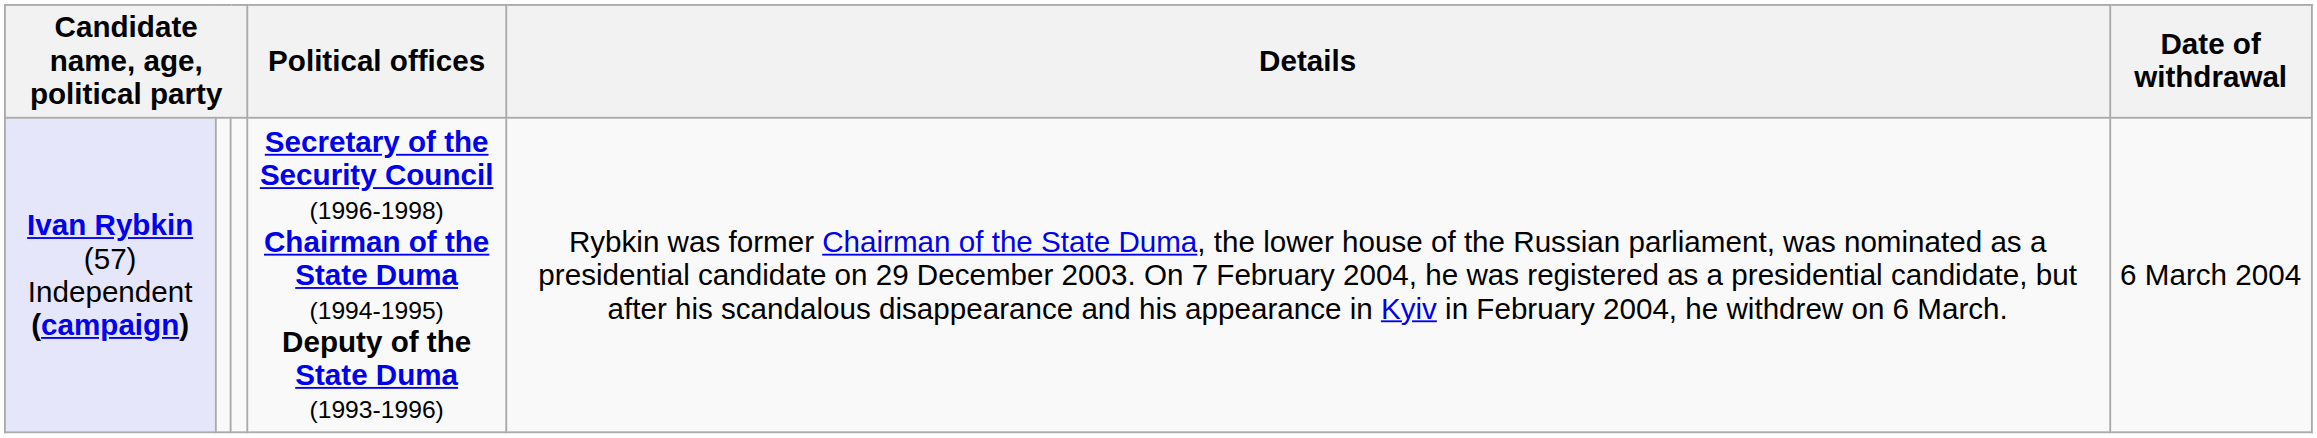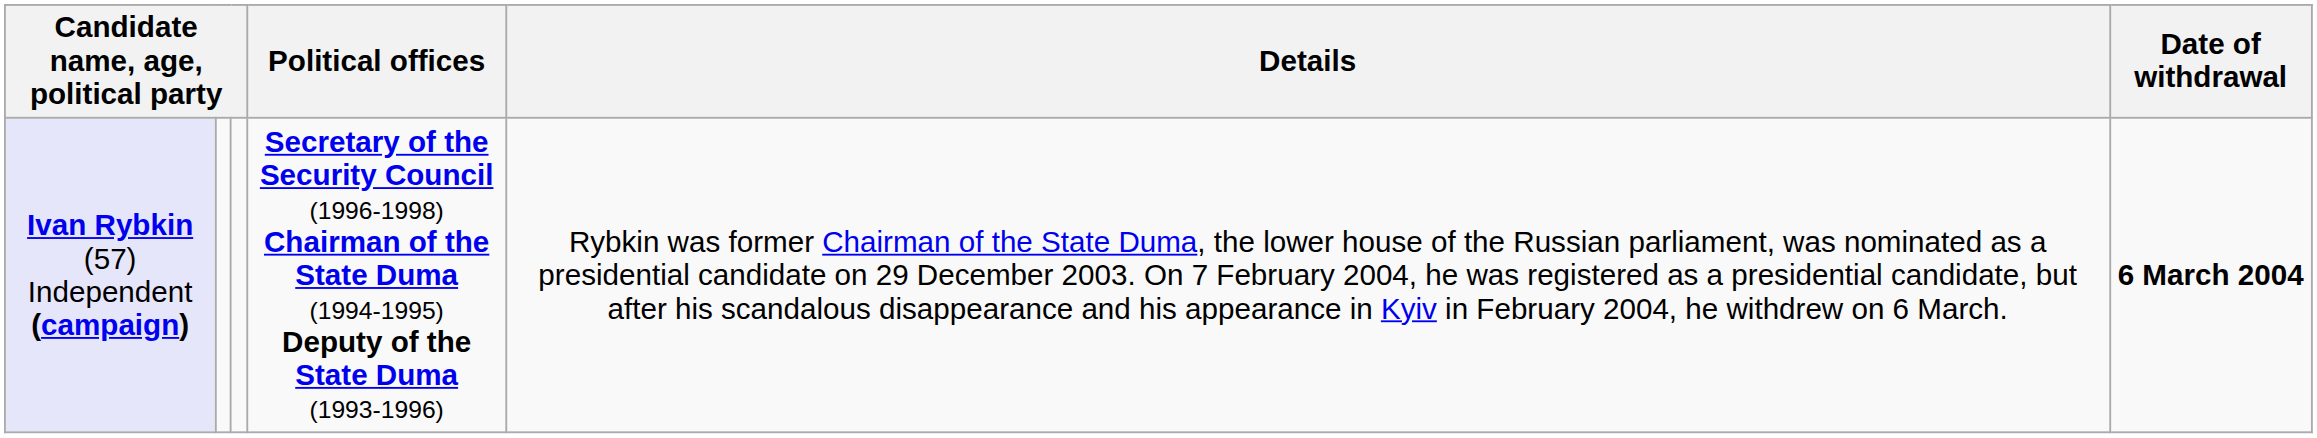 <table class="wikitable" style="text-align:center;">
 <tr>
 <th colspan="3">Candidate name, age,<br>political party</th>
 <th>Political offices</th>
 <th>Details</th>
 <th>Date of withdrawal</th>
 </tr>
 <tr>
 <td style="background:lavender;"><strong><a href='#'>Ivan Rybkin</a></strong><br>(57)<br>Independent<br><strong>(<a href='#'>campaign</a>)</strong></td>
 <td></td>
 <td style="background-color:"></td>
 <td><strong><a href='#'>Secretary of the Security Council</a></strong><br><small>(1996-1998)</small><br><strong><a href='#'>Chairman of the State Duma</a></strong><br><small>(1994-1995)</small><br><strong>Deputy of the <a href='#'>State Duma</a></strong><br><small>(1993-1996)</small></td>
 <td>Rybkin was former <a href='#'>Chairman of the State Duma</a>, the lower house of the Russian parliament, was nominated as a presidential candidate on 29 December 2003. On 7 February 2004, he was registered as a presidential candidate, but after his scandalous disappearance and his appearance in <a href='#'>Kyiv</a> in February 2004, he withdrew on 6 March.</td>
-<td>6 March 2004</td>
+<td><strong>6 March 2004</strong></td>
 </tr>
 </table>
